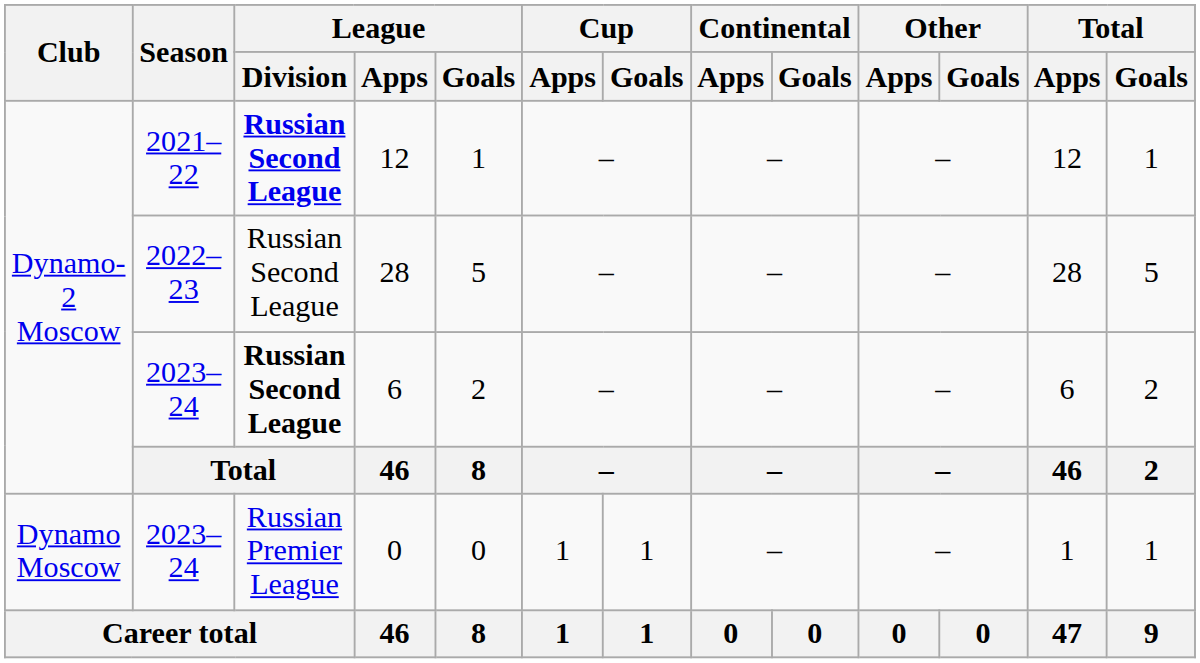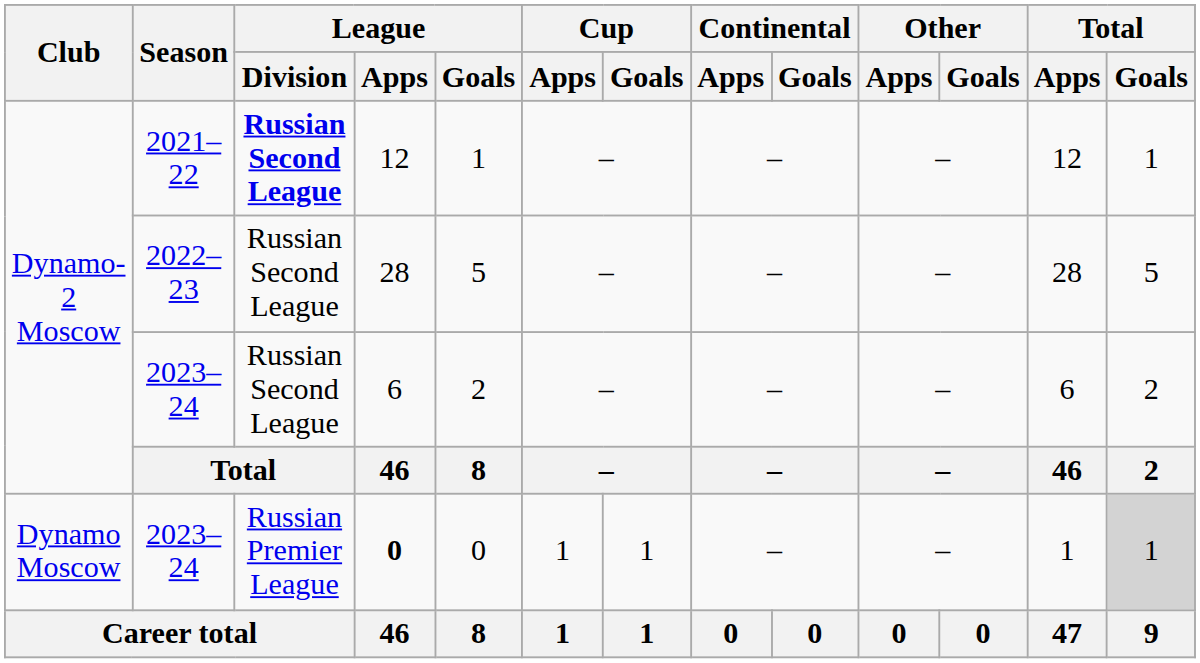 <table class="wikitable" style="text-align: center;">
 <tr>
 <th rowspan=2>Club</th>
 <th rowspan=2>Season</th>
 <th colspan=3>League</th>
 <th colspan=2>Cup</th>
 <th colspan=2>Continental</th>
 <th colspan=2>Other</th>
 <th colspan=2>Total</th>
 </tr>
 <tr>
 <th>Division</th>
 <th>Apps</th>
 <th>Goals</th>
 <th>Apps</th>
 <th>Goals</th>
 <th>Apps</th>
 <th>Goals</th>
 <th>Apps</th>
 <th>Goals</th>
 <th>Apps</th>
 <th>Goals</th>
 </tr>
 <tr>
 <td rowspan="4"><a href='#'>Dynamo-2 Moscow</a></td>
 <td><a href='#'>2021–22</a></td>
 <td><strong><a href='#'>Russian Second League</a></strong></td>
 <td>12</td>
 <td>1</td>
 <td colspan=2>–</td>
 <td colspan=2>–</td>
 <td colspan=2>–</td>
 <td>12</td>
 <td>1</td>
 </tr>
 <tr>
 <td><a href='#'>2022–23</a></td>
 <td>Russian Second League</td>
 <td>28</td>
 <td>5</td>
 <td colspan=2>–</td>
 <td colspan=2>–</td>
 <td colspan=2>–</td>
 <td>28</td>
 <td>5</td>
 </tr>
 <tr>
 <td><a href='#'>2023–24</a></td>
-<td><strong>Russian Second League</strong></td>
+<td>Russian Second League</td>
 <td>6</td>
 <td>2</td>
 <td colspan=2>–</td>
 <td colspan=2>–</td>
 <td colspan=2>–</td>
 <td>6</td>
 <td>2</td>
 </tr>
 <tr>
 <th colspan="2">Total</th>
 <th>46</th>
 <th>8</th>
 <th colspan=2>–</th>
 <th colspan=2>–</th>
 <th colspan=2>–</th>
 <th>46</th>
 <th>2</th>
 </tr>
 <tr>
 <td><a href='#'>Dynamo Moscow</a></td>
 <td><a href='#'>2023–24</a></td>
 <td><a href='#'>Russian Premier League</a></td>
-<td>0</td>
+<td><strong>0</strong></td>
 <td>0</td>
 <td>1</td>
 <td>1</td>
 <td colspan=2>–</td>
 <td colspan=2>–</td>
 <td>1</td>
-<td>1</td>
+<td style="background: lightgrey;">1</td>
 </tr>
 <tr>
 <th colspan="3">Career total</th>
 <th>46</th>
 <th>8</th>
 <th>1</th>
 <th>1</th>
 <th>0</th>
 <th>0</th>
 <th>0</th>
 <th>0</th>
 <th>47</th>
 <th>9</th>
 </tr>
 </table>
